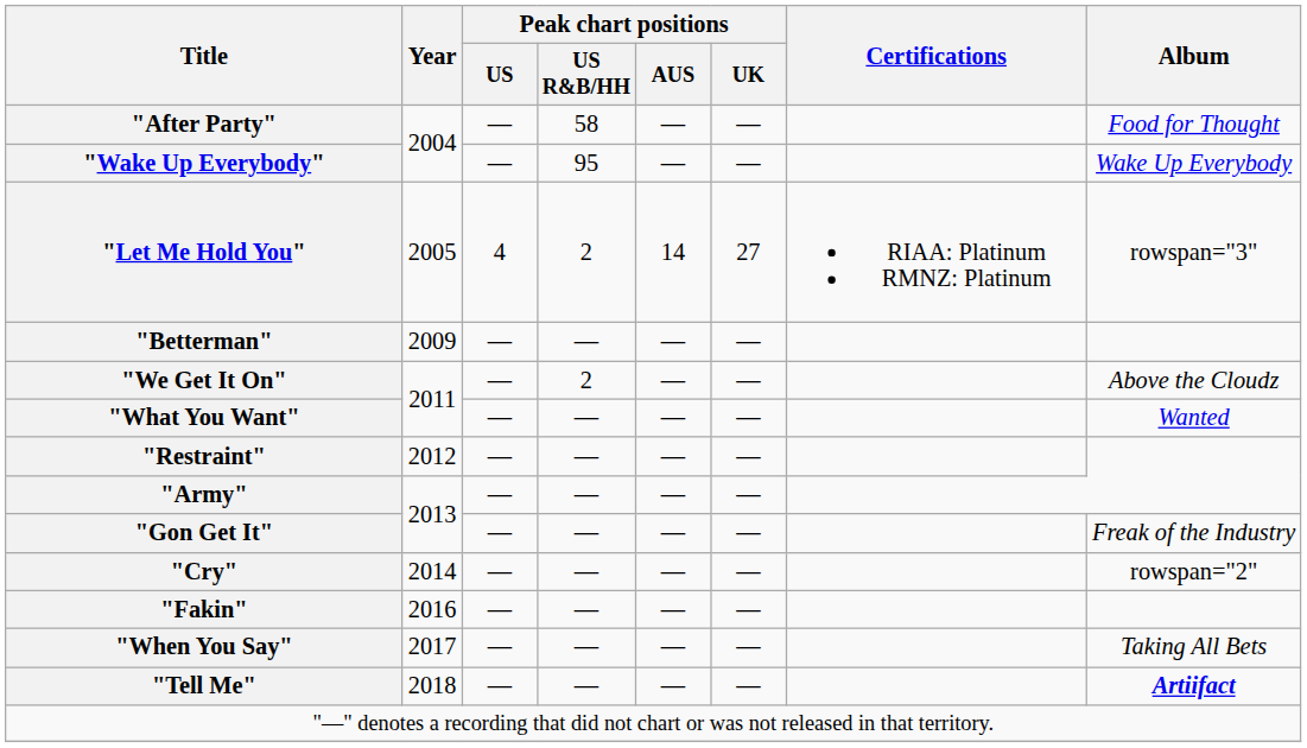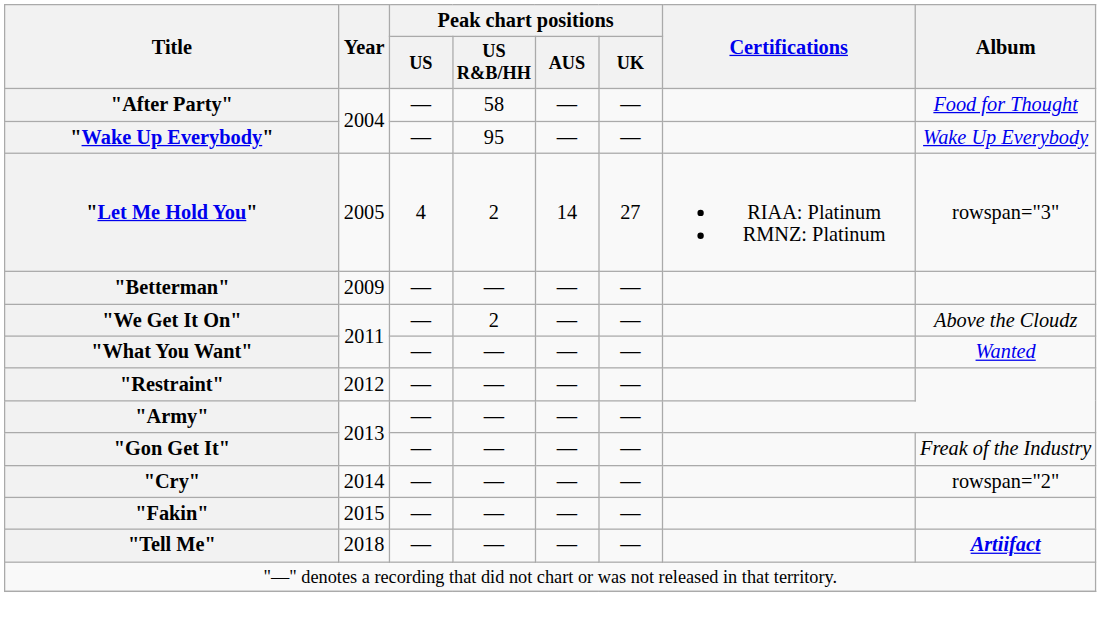 <table class="wikitable plainrowheaders" style="text-align:center;">
 <tr>
 <th scope="col" rowspan="2" style="width:16em;">Title</th>
 <th scope="col" rowspan="2">Year</th>
 <th scope="col" colspan="4">Peak chart positions</th>
 <th scope="col" rowspan="2" style="width:12em;"><a href='#'>Certifications</a></th>
 <th scope="col" rowspan="2">Album</th>
 </tr>
 <tr>
 <th style="width:3em;font-size:90%;">US<br></th>
 <th style="width:3em;font-size:90%;">US R&B/HH<br></th>
 <th style="width:3em;font-size:90%;">AUS<br></th>
 <th style="width:3em;font-size:90%;">UK<br></th>
 </tr>
 <tr>
 <th scope="row">"After Party"<br></th>
 <td rowspan="2">2004</td>
 <td>—</td>
 <td>58</td>
 <td>—</td>
 <td>—</td>
 <td></td>
 <td><em><a href='#'>Food for Thought</a></em></td>
 </tr>
 <tr>
 <th scope="row">"<a href='#'>Wake Up Everybody</a>"<br></th>
 <td>—</td>
 <td>95</td>
 <td>—</td>
 <td>—</td>
 <td></td>
 <td><em><a href='#'>Wake Up Everybody</a></em></td>
 </tr>
 <tr>
 <th scope="row">"<a href='#'>Let Me Hold You</a>"<br></th>
 <td>2005</td>
 <td>4</td>
 <td>2</td>
 <td>14</td>
 <td>27</td>
 <td><br><ul><li>RIAA: Platinum</li><li>RMNZ: Platinum</li></ul></td>
 <td>rowspan="3" </td>
 </tr>
 <tr>
 <th scope="row">"Betterman"<br></th>
 <td>2009</td>
 <td>—</td>
 <td>—</td>
 <td>—</td>
 <td>—</td>
 <td></td>
 <td></td>
 </tr>
 <tr>
 <th scope="row">"We Get It On"<br></th>
 <td rowspan="2">2011</td>
 <td>—</td>
 <td>2</td>
 <td>—</td>
 <td>—</td>
 <td></td>
 <td><em>Above the Cloudz</em></td>
 </tr>
 <tr>
 <th scope="row">"What You Want"<br></th>
 <td>—</td>
 <td>—</td>
 <td>—</td>
 <td>—</td>
 <td></td>
 <td><em><a href='#'>Wanted</a></em></td>
 </tr>
 <tr>
 <th scope="row">"Restraint"<br></th>
 <td>2012</td>
 <td>—</td>
 <td>—</td>
 <td>—</td>
 <td>—</td>
 <td></td>
 </tr>
 <tr>
 <th scope="row">"Army"<br></th>
 <td rowspan="2">2013</td>
 <td>—</td>
 <td>—</td>
 <td>—</td>
 <td>—</td>
 </tr>
 <tr>
 <th scope="row">"Gon Get It"<br></th>
 <td>—</td>
 <td>—</td>
 <td>—</td>
 <td>—</td>
 <td></td>
 <td><em>Freak of the Industry</em></td>
 </tr>
 <tr>
 <th scope="row">"Cry"<br></th>
 <td>2014</td>
 <td>—</td>
 <td>—</td>
 <td>—</td>
 <td>—</td>
 <td></td>
 <td>rowspan="2" </td>
 </tr>
 <tr>
 <th scope="row">"Fakin"<br></th>
-<td>2016</td>
+<td>2015</td>
 <td>—</td>
 <td>—</td>
 <td>—</td>
 <td>—</td>
 <td></td>
-</tr>
-<tr>
-<th scope="row">"When You Say"<br></th>
-<td>2017</td>
-<td>—</td>
-<td>—</td>
-<td>—</td>
-<td>—</td>
-<td></td>
-<td><em>Taking All Bets</em></td>
 </tr>
 <tr>
 <th scope="row">"Tell Me"<br></th>
 <td>2018</td>
 <td>—</td>
 <td>—</td>
 <td>—</td>
 <td>—</td>
 <td></td>
 <td><strong><em><a href='#'>Artiifact</a></em></strong></td>
 </tr>
 <tr>
 <td colspan="8" style="font-size:90%">"—" denotes a recording that did not chart or was not released in that territory.</td>
 </tr>
 <tr>
 </tr>
 </table>
